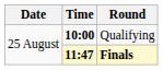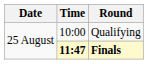 <table class="wikitable">
 <tr>
 <th>Date</th>
 <th>Time</th>
 <th>Round</th>
 </tr>
 <tr>
 <td rowspan=2>25 August</td>
-<td><strong>10:00</strong></td>
+<td>10:00</td>
 <td>Qualifying</td>
 </tr>
 <tr style="background:lemonchiffon">
 <td><strong>11:47</strong></td>
 <td><strong>Finals</strong></td>
 </tr>
 </table>
